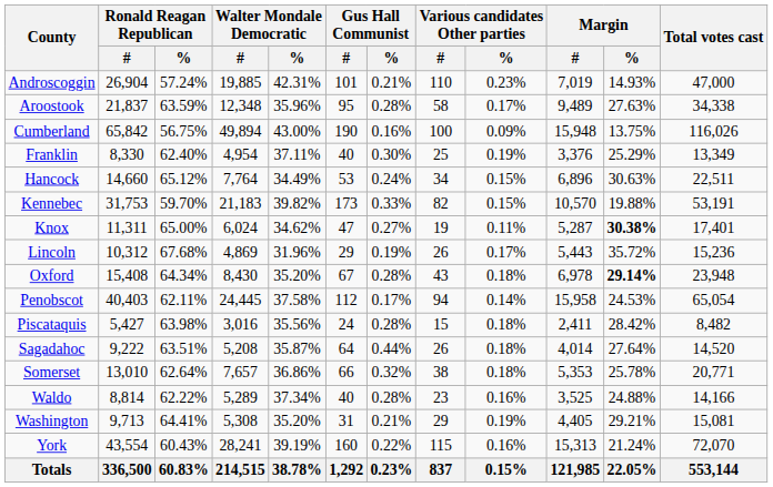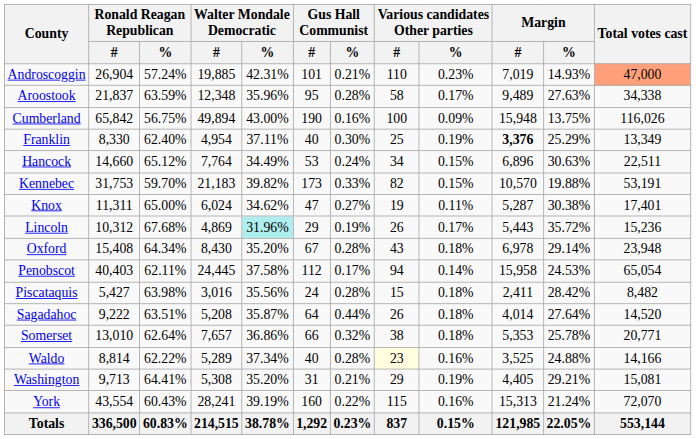 <table class="wikitable sortable">
 <tr>
 <th rowspan="2" style="text-align:center;">County</th>
 <th colspan="2" style="text-align:center;">Ronald Reagan<br>Republican</th>
 <th colspan="2" style="text-align:center;">Walter Mondale<br>Democratic</th>
 <th colspan="2" style="text-align:center;">Gus Hall<br>Communist</th>
 <th colspan="2" style="text-align:center;">Various candidates<br>Other parties</th>
 <th colspan="2" style="text-align:center;">Margin</th>
 <th rowspan="2" style="text-align:center;">Total votes cast</th>
 </tr>
 <tr>
 <th data-sort-type="number">#</th>
 <th data-sort-type="number">%</th>
 <th data-sort-type="number">#</th>
 <th data-sort-type="number">%</th>
 <th data-sort-type="number">#</th>
 <th data-sort-type="number">%</th>
 <th data-sort-type="number">#</th>
 <th data-sort-type="number">%</th>
 <th data-sort-type="number">#</th>
 <th data-sort-type="number">%</th>
 </tr>
 <tr style="text-align:center;">
 <td><a href='#'>Androscoggin</a></td>
 <td>26,904</td>
 <td>57.24%</td>
 <td>19,885</td>
 <td>42.31%</td>
 <td>101</td>
 <td>0.21%</td>
 <td>110</td>
 <td>0.23%</td>
 <td>7,019</td>
 <td>14.93%</td>
-<td>47,000</td>
+<td style="background: lightsalmon;">47,000</td>
 </tr>
 <tr style="text-align:center;">
 <td><a href='#'>Aroostook</a></td>
 <td>21,837</td>
 <td>63.59%</td>
 <td>12,348</td>
 <td>35.96%</td>
 <td>95</td>
 <td>0.28%</td>
 <td>58</td>
 <td>0.17%</td>
 <td>9,489</td>
 <td>27.63%</td>
 <td>34,338</td>
 </tr>
 <tr style="text-align:center;">
 <td><a href='#'>Cumberland</a></td>
 <td>65,842</td>
 <td>56.75%</td>
 <td>49,894</td>
 <td>43.00%</td>
 <td>190</td>
 <td>0.16%</td>
 <td>100</td>
 <td>0.09%</td>
 <td>15,948</td>
 <td>13.75%</td>
 <td>116,026</td>
 </tr>
 <tr style="text-align:center;">
 <td><a href='#'>Franklin</a></td>
 <td>8,330</td>
 <td>62.40%</td>
 <td>4,954</td>
 <td>37.11%</td>
 <td>40</td>
 <td>0.30%</td>
 <td>25</td>
 <td>0.19%</td>
-<td>3,376</td>
+<td><strong>3,376</strong></td>
 <td>25.29%</td>
 <td>13,349</td>
 </tr>
 <tr style="text-align:center;">
 <td><a href='#'>Hancock</a></td>
 <td>14,660</td>
 <td>65.12%</td>
 <td>7,764</td>
 <td>34.49%</td>
 <td>53</td>
 <td>0.24%</td>
 <td>34</td>
 <td>0.15%</td>
 <td>6,896</td>
 <td>30.63%</td>
 <td>22,511</td>
 </tr>
 <tr style="text-align:center;">
 <td><a href='#'>Kennebec</a></td>
 <td>31,753</td>
 <td>59.70%</td>
 <td>21,183</td>
 <td>39.82%</td>
 <td>173</td>
 <td>0.33%</td>
 <td>82</td>
 <td>0.15%</td>
 <td>10,570</td>
 <td>19.88%</td>
 <td>53,191</td>
 </tr>
 <tr style="text-align:center;">
 <td><a href='#'>Knox</a></td>
 <td>11,311</td>
 <td>65.00%</td>
 <td>6,024</td>
 <td>34.62%</td>
 <td>47</td>
 <td>0.27%</td>
 <td>19</td>
 <td>0.11%</td>
 <td>5,287</td>
-<td><strong>30.38%</strong></td>
+<td>30.38%</td>
 <td>17,401</td>
 </tr>
 <tr style="text-align:center;">
 <td><a href='#'>Lincoln</a></td>
 <td>10,312</td>
 <td>67.68%</td>
 <td>4,869</td>
-<td>31.96%</td>
+<td style="background: paleturquoise;">31.96%</td>
 <td>29</td>
 <td>0.19%</td>
 <td>26</td>
 <td>0.17%</td>
 <td>5,443</td>
 <td>35.72%</td>
 <td>15,236</td>
 </tr>
 <tr style="text-align:center;">
 <td><a href='#'>Oxford</a></td>
 <td>15,408</td>
 <td>64.34%</td>
 <td>8,430</td>
 <td>35.20%</td>
 <td>67</td>
 <td>0.28%</td>
 <td>43</td>
 <td>0.18%</td>
 <td>6,978</td>
-<td><strong>29.14%</strong></td>
+<td>29.14%</td>
 <td>23,948</td>
 </tr>
 <tr style="text-align:center;">
 <td><a href='#'>Penobscot</a></td>
 <td>40,403</td>
 <td>62.11%</td>
 <td>24,445</td>
 <td>37.58%</td>
 <td>112</td>
 <td>0.17%</td>
 <td>94</td>
 <td>0.14%</td>
 <td>15,958</td>
 <td>24.53%</td>
 <td>65,054</td>
 </tr>
 <tr style="text-align:center;">
 <td><a href='#'>Piscataquis</a></td>
 <td>5,427</td>
 <td>63.98%</td>
 <td>3,016</td>
 <td>35.56%</td>
 <td>24</td>
 <td>0.28%</td>
 <td>15</td>
 <td>0.18%</td>
 <td>2,411</td>
 <td>28.42%</td>
 <td>8,482</td>
 </tr>
 <tr style="text-align:center;">
 <td><a href='#'>Sagadahoc</a></td>
 <td>9,222</td>
 <td>63.51%</td>
 <td>5,208</td>
 <td>35.87%</td>
 <td>64</td>
 <td>0.44%</td>
 <td>26</td>
 <td>0.18%</td>
 <td>4,014</td>
 <td>27.64%</td>
 <td>14,520</td>
 </tr>
 <tr style="text-align:center;">
 <td><a href='#'>Somerset</a></td>
 <td>13,010</td>
 <td>62.64%</td>
 <td>7,657</td>
 <td>36.86%</td>
 <td>66</td>
 <td>0.32%</td>
 <td>38</td>
 <td>0.18%</td>
 <td>5,353</td>
 <td>25.78%</td>
 <td>20,771</td>
 </tr>
 <tr style="text-align:center;">
 <td><a href='#'>Waldo</a></td>
 <td>8,814</td>
 <td>62.22%</td>
 <td>5,289</td>
 <td>37.34%</td>
 <td>40</td>
 <td>0.28%</td>
-<td>23</td>
+<td style="background: lightyellow;">23</td>
 <td>0.16%</td>
 <td>3,525</td>
 <td>24.88%</td>
 <td>14,166</td>
 </tr>
 <tr style="text-align:center;">
 <td><a href='#'>Washington</a></td>
 <td>9,713</td>
 <td>64.41%</td>
 <td>5,308</td>
 <td>35.20%</td>
 <td>31</td>
 <td>0.21%</td>
 <td>29</td>
 <td>0.19%</td>
 <td>4,405</td>
 <td>29.21%</td>
 <td>15,081</td>
 </tr>
 <tr style="text-align:center;">
 <td><a href='#'>York</a></td>
 <td>43,554</td>
 <td>60.43%</td>
 <td>28,241</td>
 <td>39.19%</td>
 <td>160</td>
 <td>0.22%</td>
 <td>115</td>
 <td>0.16%</td>
 <td>15,313</td>
 <td>21.24%</td>
 <td>72,070</td>
 </tr>
 <tr style="text-align:center;">
 <th>Totals</th>
 <th>336,500</th>
 <th>60.83%</th>
 <th>214,515</th>
 <th>38.78%</th>
 <th>1,292</th>
 <th>0.23%</th>
 <th>837</th>
 <th>0.15%</th>
 <th>121,985</th>
 <th>22.05%</th>
 <th>553,144</th>
 </tr>
 </table>
